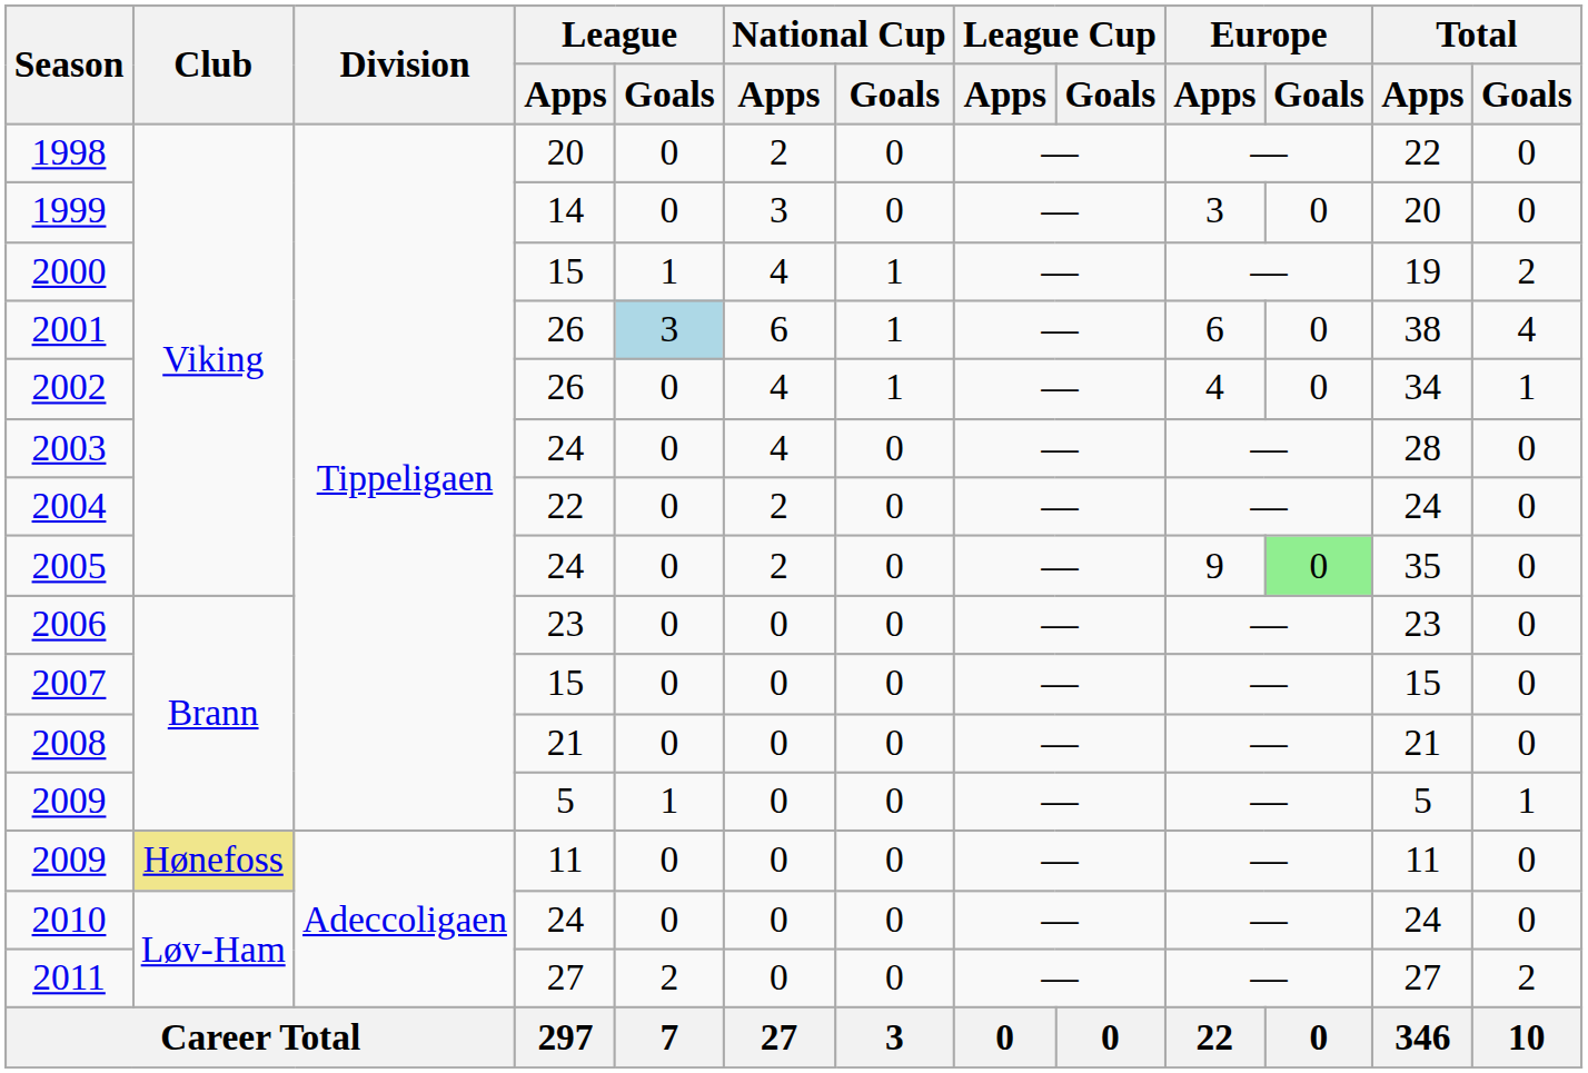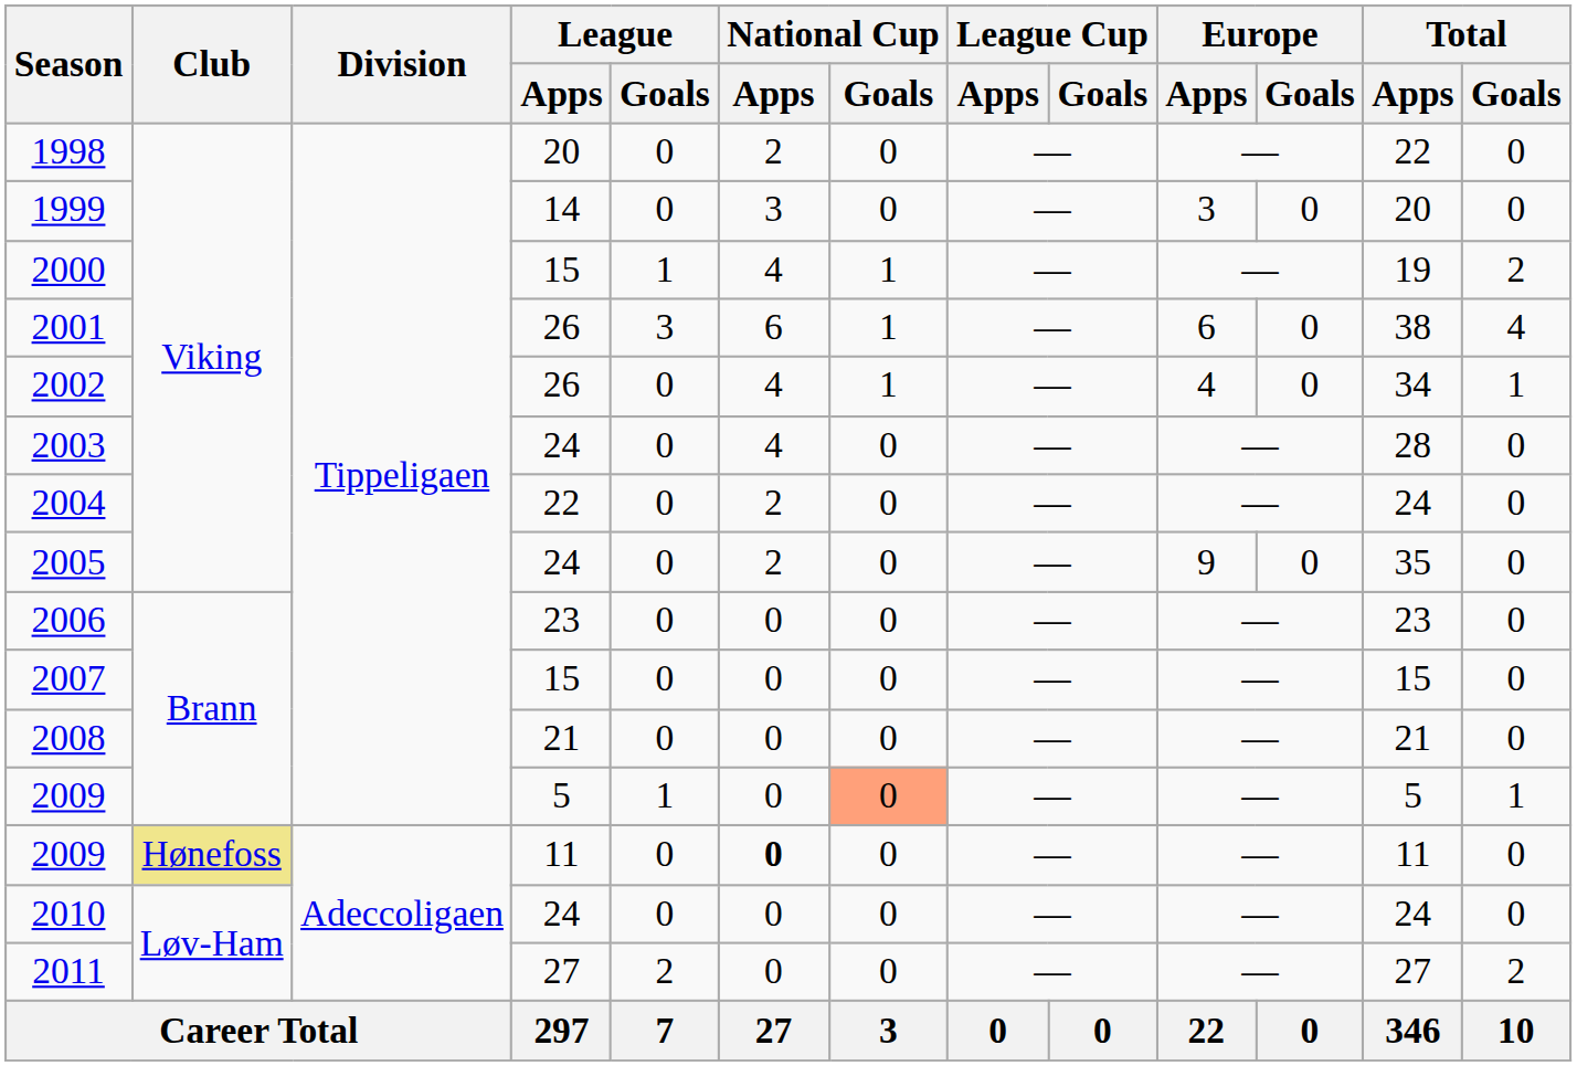 <table class="wikitable" style="text-align: center;">
 <tr>
 <th rowspan="2">Season</th>
 <th rowspan="2">Club</th>
 <th rowspan="2">Division</th>
 <th colspan="2">League</th>
 <th colspan="2">National Cup</th>
 <th colspan="2">League Cup</th>
 <th colspan="2">Europe</th>
 <th colspan="2">Total</th>
 </tr>
 <tr>
 <th>Apps</th>
 <th>Goals</th>
 <th>Apps</th>
 <th>Goals</th>
 <th>Apps</th>
 <th>Goals</th>
 <th>Apps</th>
 <th>Goals</th>
 <th>Apps</th>
 <th>Goals</th>
 </tr>
 <tr>
 <td><a href='#'>1998</a></td>
 <td rowspan="8" valign="center"><a href='#'>Viking</a></td>
 <td rowspan="12" valign="center"><a href='#'>Tippeligaen</a></td>
 <td>20</td>
 <td>0</td>
 <td>2</td>
 <td>0</td>
 <td colspan="2">—</td>
 <td colspan="2">—</td>
 <td>22</td>
 <td>0</td>
 </tr>
 <tr>
 <td><a href='#'>1999</a></td>
 <td>14</td>
 <td>0</td>
 <td>3</td>
 <td>0</td>
 <td colspan="2">—</td>
 <td>3</td>
 <td>0</td>
 <td>20</td>
 <td>0</td>
 </tr>
 <tr>
 <td><a href='#'>2000</a></td>
 <td>15</td>
 <td>1</td>
 <td>4</td>
 <td>1</td>
 <td colspan="2">—</td>
 <td colspan="2">—</td>
 <td>19</td>
 <td>2</td>
 </tr>
 <tr>
 <td><a href='#'>2001</a></td>
 <td>26</td>
-<td style="background: lightblue;">3</td>
+<td>3</td>
 <td>6</td>
 <td>1</td>
 <td colspan="2">—</td>
 <td>6</td>
 <td>0</td>
 <td>38</td>
 <td>4</td>
 </tr>
 <tr>
 <td><a href='#'>2002</a></td>
 <td>26</td>
 <td>0</td>
 <td>4</td>
 <td>1</td>
 <td colspan="2">—</td>
 <td>4</td>
 <td>0</td>
 <td>34</td>
 <td>1</td>
 </tr>
 <tr>
 <td><a href='#'>2003</a></td>
 <td>24</td>
 <td>0</td>
 <td>4</td>
 <td>0</td>
 <td colspan="2">—</td>
 <td colspan="2">—</td>
 <td>28</td>
 <td>0</td>
 </tr>
 <tr>
 <td><a href='#'>2004</a></td>
 <td>22</td>
 <td>0</td>
 <td>2</td>
 <td>0</td>
 <td colspan="2">—</td>
 <td colspan="2">—</td>
 <td>24</td>
 <td>0</td>
 </tr>
 <tr>
 <td><a href='#'>2005</a></td>
 <td>24</td>
 <td>0</td>
 <td>2</td>
 <td>0</td>
 <td colspan="2">—</td>
 <td>9</td>
-<td style="background: lightgreen;">0</td>
+<td>0</td>
 <td>35</td>
 <td>0</td>
 </tr>
 <tr>
 <td><a href='#'>2006</a></td>
 <td rowspan="4" valign="center"><a href='#'>Brann</a></td>
 <td>23</td>
 <td>0</td>
 <td>0</td>
 <td>0</td>
 <td colspan="2">—</td>
 <td colspan="2">—</td>
 <td>23</td>
 <td>0</td>
 </tr>
 <tr>
 <td><a href='#'>2007</a></td>
 <td>15</td>
 <td>0</td>
 <td>0</td>
 <td>0</td>
 <td colspan="2">—</td>
 <td colspan="2">—</td>
 <td>15</td>
 <td>0</td>
 </tr>
 <tr>
 <td><a href='#'>2008</a></td>
 <td>21</td>
 <td>0</td>
 <td>0</td>
 <td>0</td>
 <td colspan="2">—</td>
 <td colspan="2">—</td>
 <td>21</td>
 <td>0</td>
 </tr>
 <tr>
 <td><a href='#'>2009</a></td>
 <td>5</td>
 <td>1</td>
 <td>0</td>
-<td>0</td>
+<td style="background: lightsalmon;">0</td>
 <td colspan="2">—</td>
 <td colspan="2">—</td>
 <td>5</td>
 <td>1</td>
 </tr>
 <tr>
 <td><a href='#'>2009</a></td>
 <td rowspan="1" valign="center" style="background: khaki;"><a href='#'>Hønefoss</a></td>
 <td rowspan="3" valign="center"><a href='#'>Adeccoligaen</a></td>
 <td>11</td>
 <td>0</td>
-<td>0</td>
+<td><strong>0</strong></td>
 <td>0</td>
 <td colspan="2">—</td>
 <td colspan="2">—</td>
 <td>11</td>
 <td>0</td>
 </tr>
 <tr>
 <td><a href='#'>2010</a></td>
 <td rowspan="2" valign="center"><a href='#'>Løv-Ham</a></td>
 <td>24</td>
 <td>0</td>
 <td>0</td>
 <td>0</td>
 <td colspan="2">—</td>
 <td colspan="2">—</td>
 <td>24</td>
 <td>0</td>
 </tr>
 <tr>
 <td><a href='#'>2011</a></td>
 <td>27</td>
 <td>2</td>
 <td>0</td>
 <td>0</td>
 <td colspan="2">—</td>
 <td colspan="2">—</td>
 <td>27</td>
 <td>2</td>
 </tr>
 <tr>
 <th colspan="3">Career Total</th>
 <th>297</th>
 <th>7</th>
 <th>27</th>
 <th>3</th>
 <th>0</th>
 <th>0</th>
 <th>22</th>
 <th>0</th>
 <th>346</th>
 <th>10</th>
 </tr>
 </table>
